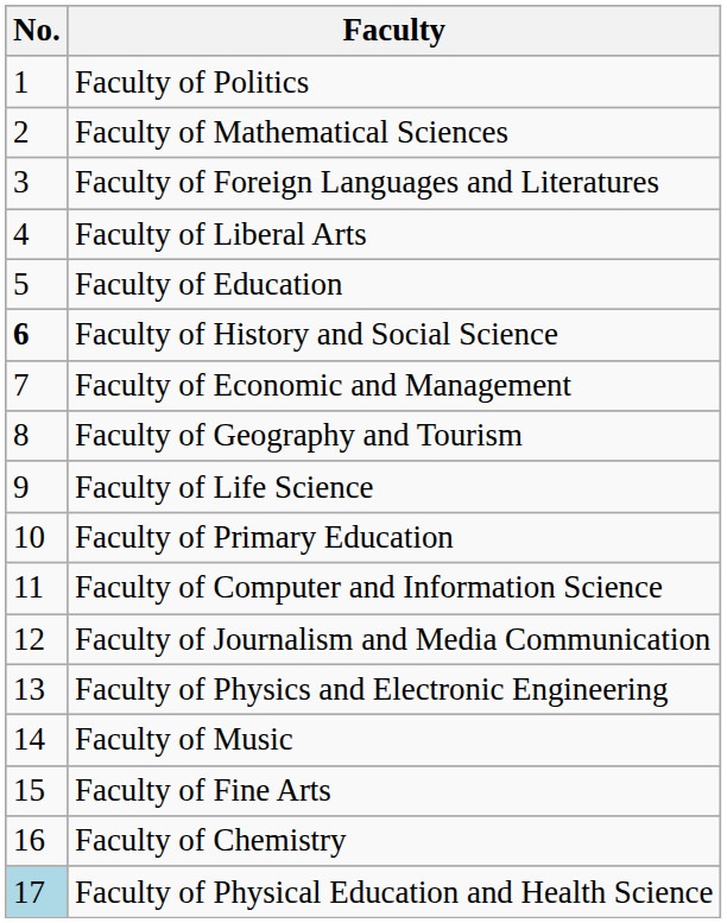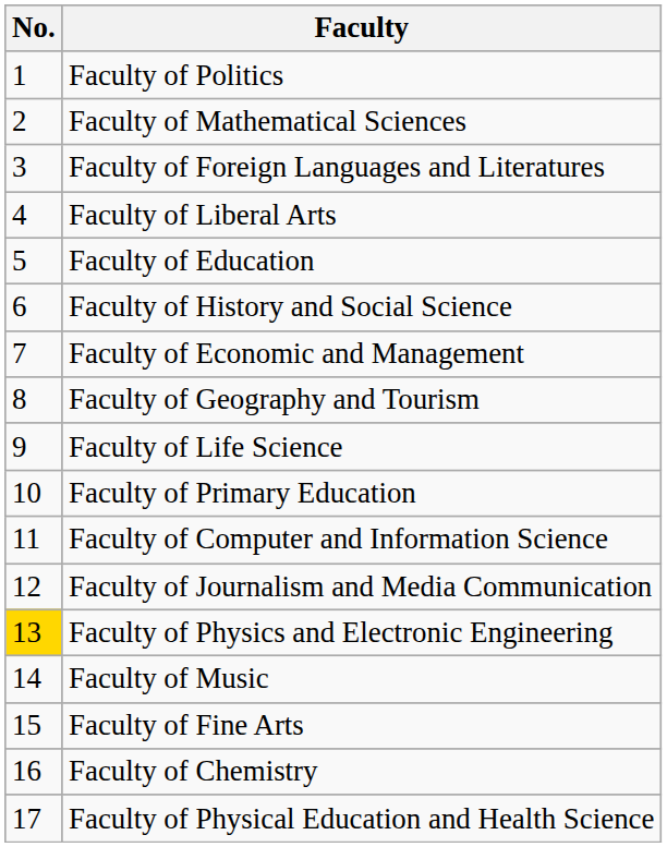 <table class="wikitable">
 <tr>
 <th>No.</th>
 <th>Faculty</th>
 </tr>
 <tr>
 <td>1</td>
 <td>Faculty of Politics</td>
 </tr>
 <tr>
 <td>2</td>
 <td>Faculty of Mathematical Sciences</td>
 </tr>
 <tr>
 <td>3</td>
 <td>Faculty of Foreign Languages and Literatures</td>
 </tr>
 <tr>
 <td>4</td>
 <td>Faculty of Liberal Arts</td>
 </tr>
 <tr>
 <td>5</td>
 <td>Faculty of Education</td>
 </tr>
 <tr>
-<td><strong>6</strong></td>
+<td>6</td>
 <td>Faculty of History and Social Science</td>
 </tr>
 <tr>
 <td>7</td>
 <td>Faculty of Economic and Management</td>
 </tr>
 <tr>
 <td>8</td>
 <td>Faculty of Geography and Tourism</td>
 </tr>
 <tr>
 <td>9</td>
 <td>Faculty of Life Science</td>
 </tr>
 <tr>
 <td>10</td>
 <td>Faculty of Primary Education</td>
 </tr>
 <tr>
 <td>11</td>
 <td>Faculty of Computer and Information Science</td>
 </tr>
 <tr>
 <td>12</td>
 <td>Faculty of Journalism and Media Communication</td>
 </tr>
 <tr>
-<td>13</td>
+<td style="background: gold;">13</td>
 <td>Faculty of Physics and Electronic Engineering</td>
 </tr>
 <tr>
 <td>14</td>
 <td>Faculty of Music</td>
 </tr>
 <tr>
 <td>15</td>
 <td>Faculty of Fine Arts</td>
 </tr>
 <tr>
 <td>16</td>
 <td>Faculty of Chemistry</td>
 </tr>
 <tr>
-<td style="background: lightblue;">17</td>
+<td>17</td>
 <td>Faculty of Physical Education and Health Science</td>
 </tr>
 </table>
